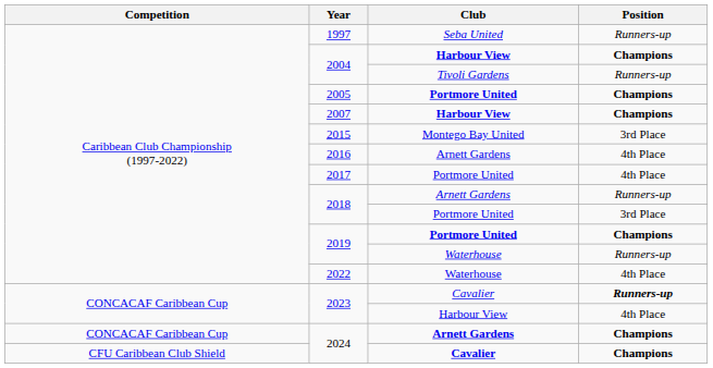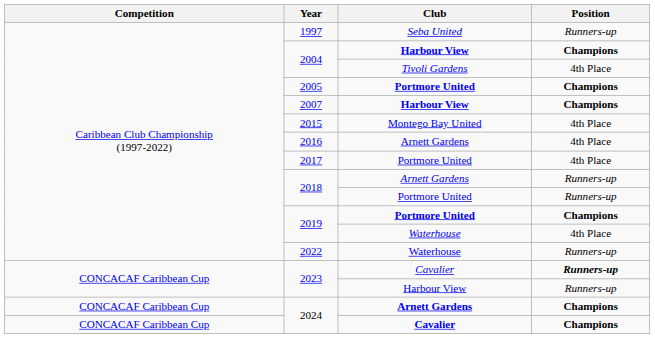 <table class="wikitable sortable mw-collapsible" style="font-size:95%; text-align: center; width:70%;">
 <tr>
 <th>Competition</th>
 <th>Year</th>
 <th>Club</th>
 <th>Position</th>
 </tr>
 <tr>
 <td rowspan="13" style="text-align:center"><a href='#'>Caribbean Club Championship</a><br>(1997-2022)</td>
 <td><a href='#'>1997</a></td>
 <td><em><a href='#'>Seba United</a></em></td>
 <td><em>Runners-up</em></td>
 </tr>
 <tr>
 <td rowspan="2"><a href='#'>2004</a></td>
 <td><strong><a href='#'>Harbour View</a></strong></td>
 <td><strong>Champions</strong></td>
 </tr>
 <tr>
 <td><em><a href='#'>Tivoli Gardens</a></em></td>
-<td><em>Runners-up</em></td>
+<td>4th Place</td>
 </tr>
 <tr>
 <td><a href='#'>2005</a></td>
 <td><strong><a href='#'>Portmore United</a></strong></td>
 <td><strong>Champions</strong></td>
 </tr>
 <tr>
 <td><a href='#'>2007</a></td>
 <td><strong><a href='#'>Harbour View</a></strong></td>
 <td><strong>Champions</strong></td>
 </tr>
 <tr>
 <td><a href='#'>2015</a></td>
 <td><a href='#'>Montego Bay United</a></td>
-<td>3rd Place</td>
+<td>4th Place</td>
 </tr>
 <tr>
 <td><a href='#'>2016</a></td>
 <td><a href='#'>Arnett Gardens</a></td>
 <td>4th Place</td>
 </tr>
 <tr>
 <td><a href='#'>2017</a></td>
 <td><a href='#'>Portmore United</a></td>
 <td>4th Place</td>
 </tr>
 <tr>
 <td rowspan="2"><a href='#'>2018</a></td>
 <td><em><a href='#'>Arnett Gardens</a></em></td>
 <td><em>Runners-up</em></td>
 </tr>
 <tr>
 <td><a href='#'>Portmore United</a></td>
-<td>3rd Place</td>
+<td><em>Runners-up</em></td>
 </tr>
 <tr>
 <td rowspan="2"><a href='#'>2019</a></td>
 <td><strong><a href='#'>Portmore United</a></strong></td>
 <td><strong>Champions</strong></td>
 </tr>
 <tr>
 <td><em><a href='#'>Waterhouse</a></em></td>
-<td><em>Runners-up</em></td>
+<td>4th Place</td>
 </tr>
 <tr>
 <td><a href='#'>2022</a></td>
 <td><a href='#'>Waterhouse</a></td>
-<td>4th Place</td>
+<td><em>Runners-up</em></td>
 </tr>
 <tr>
 <td rowspan="2"><a href='#'>CONCACAF Caribbean Cup</a></td>
 <td rowspan="2"><a href='#'>2023</a></td>
 <td><a href='#'><em>Cavalier</em></a></td>
 <td><strong><em>Runners-up</em></strong></td>
 </tr>
 <tr>
 <td><a href='#'>Harbour View</a></td>
-<td>4th Place</td>
+<td><em>Runners-up</em></td>
 </tr>
 <tr>
 <td><a href='#'>CONCACAF Caribbean Cup</a></td>
 <td rowspan="2">2024</td>
 <td><a href='#'><strong>Arnett Gardens</strong></a></td>
 <td><strong>Champions</strong></td>
 </tr>
 <tr>
-<td><a href='#'>CFU Caribbean Club Shield</a></td>
+<td><a href='#'>CONCACAF Caribbean Cup</a></td>
 <td><a href='#'><strong>Cavalier</strong></a></td>
 <td><strong>Champions</strong></td>
 </tr>
 </table>
